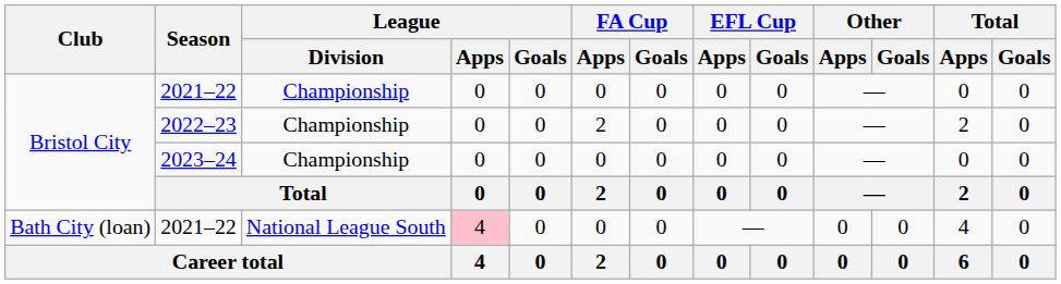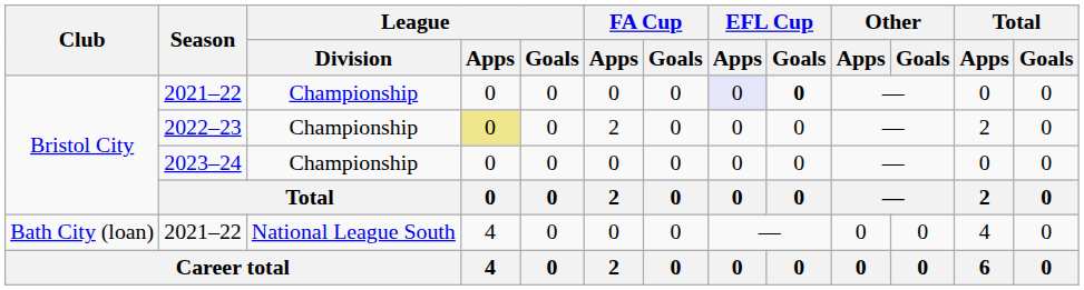 <table class="wikitable" style="text-align: center;">
 <tr>
 <th rowspan=2>Club</th>
 <th rowspan=2>Season</th>
 <th colspan=3>League</th>
 <th colspan=2><a href='#'>FA Cup</a></th>
 <th colspan=2><a href='#'>EFL Cup</a></th>
 <th colspan=2>Other</th>
 <th colspan=2>Total</th>
 </tr>
 <tr>
 <th>Division</th>
 <th>Apps</th>
 <th>Goals</th>
 <th>Apps</th>
 <th>Goals</th>
 <th>Apps</th>
 <th>Goals</th>
 <th>Apps</th>
 <th>Goals</th>
 <th>Apps</th>
 <th>Goals</th>
 </tr>
 <tr>
 <td rowspan=4><a href='#'>Bristol City</a></td>
 <td><a href='#'>2021–22</a></td>
 <td><a href='#'>Championship</a></td>
 <td>0</td>
 <td>0</td>
 <td>0</td>
 <td>0</td>
-<td>0</td>
-<td>0</td>
+<td style="background: lavender;">0</td>
+<td><strong>0</strong></td>
 <td colspan=2>—</td>
 <td>0</td>
 <td>0</td>
 </tr>
 <tr>
 <td><a href='#'>2022–23</a></td>
 <td>Championship</td>
-<td>0</td>
+<td style="background: khaki;">0</td>
 <td>0</td>
 <td>2</td>
 <td>0</td>
 <td>0</td>
 <td>0</td>
 <td colspan="2">—</td>
 <td>2</td>
 <td>0</td>
 </tr>
 <tr>
 <td><a href='#'>2023–24</a></td>
 <td>Championship</td>
 <td>0</td>
 <td>0</td>
 <td>0</td>
 <td>0</td>
 <td>0</td>
 <td>0</td>
 <td colspan="2">—</td>
 <td>0</td>
 <td>0</td>
 </tr>
 <tr>
 <th colspan=2>Total</th>
 <th>0</th>
 <th>0</th>
 <th>2</th>
 <th>0</th>
 <th>0</th>
 <th>0</th>
 <th colspan=2>—</th>
 <th>2</th>
 <th>0</th>
 </tr>
 <tr>
 <td><a href='#'>Bath City</a> (loan)</td>
 <td>2021–22</td>
 <td><a href='#'>National League South</a></td>
-<td style="background: pink;">4</td>
+<td>4</td>
 <td>0</td>
 <td>0</td>
 <td>0</td>
 <td colspan=2>—</td>
 <td>0</td>
 <td>0</td>
 <td>4</td>
 <td>0</td>
 </tr>
 <tr>
 <th colspan=3>Career total</th>
 <th>4</th>
 <th>0</th>
 <th>2</th>
 <th>0</th>
 <th>0</th>
 <th>0</th>
 <th>0</th>
 <th>0</th>
 <th>6</th>
 <th>0</th>
 </tr>
 </table>
